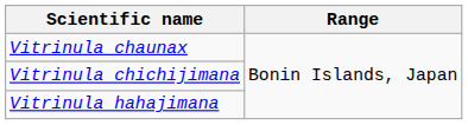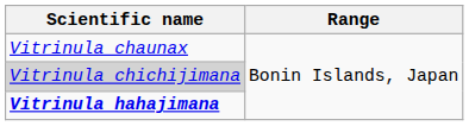 <table class="wikitable">
 <tr>
 <th>Scientific name</th>
 <th>Range</th>
 </tr>
 <tr>
 <td><em><a href='#'>Vitrinula chaunax</a></em></td>
 <td rowspan="3">Bonin Islands, Japan</td>
 </tr>
 <tr>
-<td><em><a href='#'>Vitrinula chichijimana</a></em></td>
+<td style="background: lightgrey;"><em><a href='#'>Vitrinula chichijimana</a></em></td>
 </tr>
 <tr>
-<td><em><a href='#'>Vitrinula hahajimana</a></em></td>
+<td><strong><em><a href='#'>Vitrinula hahajimana</a></em></strong></td>
 </tr>
 </table>
